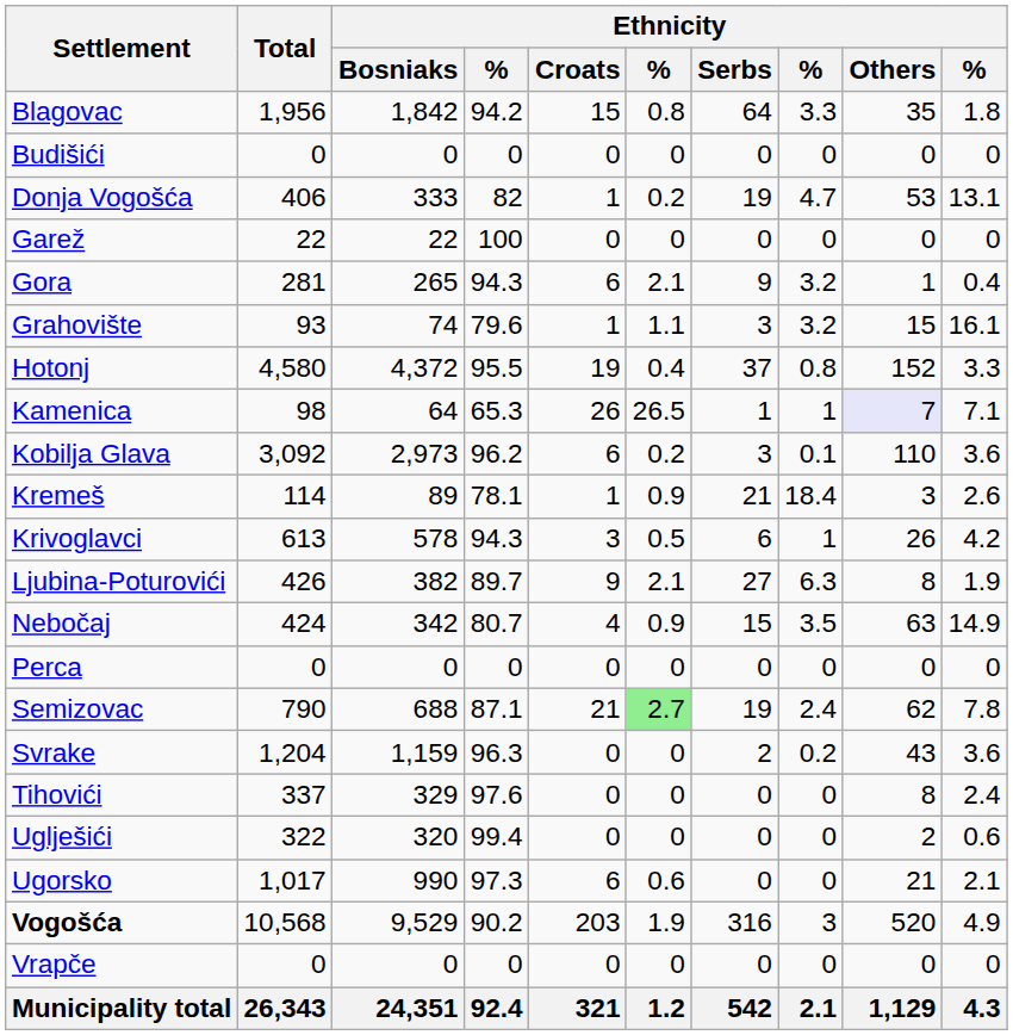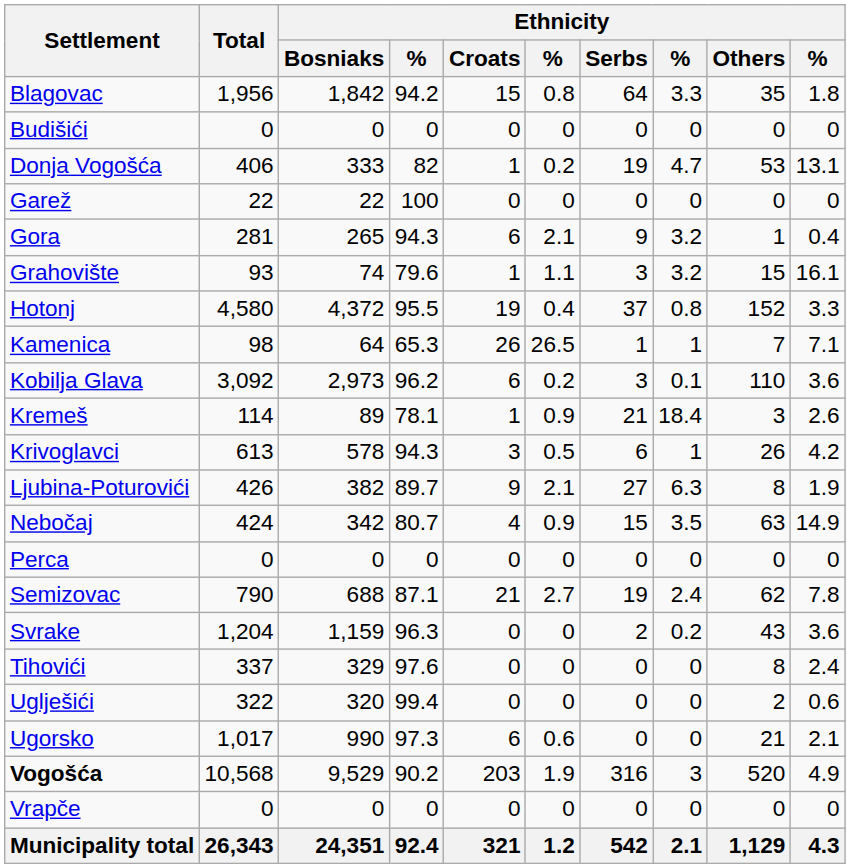 <table class="wikitable sortable" style="text-align:right;">
 <tr>
 <th rowspan="2">Settlement</th>
 <th rowspan="2">Total</th>
 <th colspan="8">Ethnicity</th>
 </tr>
 <tr>
 <th>Bosniaks</th>
 <th>%</th>
 <th>Croats</th>
 <th>%</th>
 <th>Serbs</th>
 <th>%</th>
 <th>Others</th>
 <th>%</th>
 </tr>
 <tr>
 <td style="text-align:left;"><a href='#'>Blagovac</a></td>
 <td>1,956</td>
 <td>1,842</td>
 <td>94.2</td>
 <td>15</td>
 <td>0.8</td>
 <td>64</td>
 <td>3.3</td>
 <td>35</td>
 <td>1.8</td>
 </tr>
 <tr>
 <td style="text-align:left;"><a href='#'>Budišići</a></td>
 <td>0</td>
 <td>0</td>
 <td>0</td>
 <td>0</td>
 <td>0</td>
 <td>0</td>
 <td>0</td>
 <td>0</td>
 <td>0</td>
 </tr>
 <tr>
 <td style="text-align:left;"><a href='#'>Donja Vogošća</a></td>
 <td>406</td>
 <td>333</td>
 <td>82</td>
 <td>1</td>
 <td>0.2</td>
 <td>19</td>
 <td>4.7</td>
 <td>53</td>
 <td>13.1</td>
 </tr>
 <tr>
 <td style="text-align:left;"><a href='#'>Garež</a></td>
 <td>22</td>
 <td>22</td>
 <td>100</td>
 <td>0</td>
 <td>0</td>
 <td>0</td>
 <td>0</td>
 <td>0</td>
 <td>0</td>
 </tr>
 <tr>
 <td style="text-align:left;"><a href='#'>Gora</a></td>
 <td>281</td>
 <td>265</td>
 <td>94.3</td>
 <td>6</td>
 <td>2.1</td>
 <td>9</td>
 <td>3.2</td>
 <td>1</td>
 <td>0.4</td>
 </tr>
 <tr>
 <td style="text-align:left;"><a href='#'>Grahovište</a></td>
 <td>93</td>
 <td>74</td>
 <td>79.6</td>
 <td>1</td>
 <td>1.1</td>
 <td>3</td>
 <td>3.2</td>
 <td>15</td>
 <td>16.1</td>
 </tr>
 <tr>
 <td style="text-align:left;"><a href='#'>Hotonj</a></td>
 <td>4,580</td>
 <td>4,372</td>
 <td>95.5</td>
 <td>19</td>
 <td>0.4</td>
 <td>37</td>
 <td>0.8</td>
 <td>152</td>
 <td>3.3</td>
 </tr>
 <tr>
 <td style="text-align:left;"><a href='#'>Kamenica</a></td>
 <td>98</td>
 <td>64</td>
 <td>65.3</td>
 <td>26</td>
 <td>26.5</td>
 <td>1</td>
 <td>1</td>
-<td style="background: lavender;">7</td>
+<td>7</td>
 <td>7.1</td>
 </tr>
 <tr>
 <td style="text-align:left;"><a href='#'>Kobilja Glava</a></td>
 <td>3,092</td>
 <td>2,973</td>
 <td>96.2</td>
 <td>6</td>
 <td>0.2</td>
 <td>3</td>
 <td>0.1</td>
 <td>110</td>
 <td>3.6</td>
 </tr>
 <tr>
 <td style="text-align:left;"><a href='#'>Kremeš</a></td>
 <td>114</td>
 <td>89</td>
 <td>78.1</td>
 <td>1</td>
 <td>0.9</td>
 <td>21</td>
 <td>18.4</td>
 <td>3</td>
 <td>2.6</td>
 </tr>
 <tr>
 <td style="text-align:left;"><a href='#'>Krivoglavci</a></td>
 <td>613</td>
 <td>578</td>
 <td>94.3</td>
 <td>3</td>
 <td>0.5</td>
 <td>6</td>
 <td>1</td>
 <td>26</td>
 <td>4.2</td>
 </tr>
 <tr>
 <td style="text-align:left;"><a href='#'>Ljubina-Poturovići</a></td>
 <td>426</td>
 <td>382</td>
 <td>89.7</td>
 <td>9</td>
 <td>2.1</td>
 <td>27</td>
 <td>6.3</td>
 <td>8</td>
 <td>1.9</td>
 </tr>
 <tr>
 <td style="text-align:left;"><a href='#'>Nebočaj</a></td>
 <td>424</td>
 <td>342</td>
 <td>80.7</td>
 <td>4</td>
 <td>0.9</td>
 <td>15</td>
 <td>3.5</td>
 <td>63</td>
 <td>14.9</td>
 </tr>
 <tr>
 <td style="text-align:left;"><a href='#'>Perca</a></td>
 <td>0</td>
 <td>0</td>
 <td>0</td>
 <td>0</td>
 <td>0</td>
 <td>0</td>
 <td>0</td>
 <td>0</td>
 <td>0</td>
 </tr>
 <tr>
 <td style="text-align:left;"><a href='#'>Semizovac</a></td>
 <td>790</td>
 <td>688</td>
 <td>87.1</td>
 <td>21</td>
-<td style="background: lightgreen;">2.7</td>
+<td>2.7</td>
 <td>19</td>
 <td>2.4</td>
 <td>62</td>
 <td>7.8</td>
 </tr>
 <tr>
 <td style="text-align:left;"><a href='#'>Svrake</a></td>
 <td>1,204</td>
 <td>1,159</td>
 <td>96.3</td>
 <td>0</td>
 <td>0</td>
 <td>2</td>
 <td>0.2</td>
 <td>43</td>
 <td>3.6</td>
 </tr>
 <tr>
 <td style="text-align:left;"><a href='#'>Tihovići</a></td>
 <td>337</td>
 <td>329</td>
 <td>97.6</td>
 <td>0</td>
 <td>0</td>
 <td>0</td>
 <td>0</td>
 <td>8</td>
 <td>2.4</td>
 </tr>
 <tr>
 <td style="text-align:left;"><a href='#'>Uglješići</a></td>
 <td>322</td>
 <td>320</td>
 <td>99.4</td>
 <td>0</td>
 <td>0</td>
 <td>0</td>
 <td>0</td>
 <td>2</td>
 <td>0.6</td>
 </tr>
 <tr>
 <td style="text-align:left;"><a href='#'>Ugorsko</a></td>
 <td>1,017</td>
 <td>990</td>
 <td>97.3</td>
 <td>6</td>
 <td>0.6</td>
 <td>0</td>
 <td>0</td>
 <td>21</td>
 <td>2.1</td>
 </tr>
 <tr>
 <td style="text-align:left;"><strong>Vogošća</strong></td>
 <td>10,568</td>
 <td>9,529</td>
 <td>90.2</td>
 <td>203</td>
 <td>1.9</td>
 <td>316</td>
 <td>3</td>
 <td>520</td>
 <td>4.9</td>
 </tr>
 <tr>
 <td style="text-align:left;"><a href='#'>Vrapče</a></td>
 <td>0</td>
 <td>0</td>
 <td>0</td>
 <td>0</td>
 <td>0</td>
 <td>0</td>
 <td>0</td>
 <td>0</td>
 <td>0</td>
 </tr>
 <tr>
 <th scope="col">Municipality total</th>
 <th scope="col" style="text-align:right;">26,343</th>
 <th scope="col" style="text-align:right;">24,351</th>
 <th style="text-align:right;">92.4</th>
 <th scope="col" style="text-align:right;">321</th>
 <th style="text-align:right;">1.2</th>
 <th scope="col" style="text-align:right;">542</th>
 <th style="text-align:right;">2.1</th>
 <th scope="col" style="text-align:right;">1,129</th>
 <th style="text-align:right;">4.3</th>
 </tr>
 </table>
